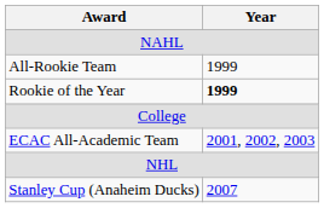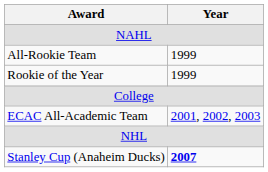 <table class="wikitable">
 <tr>
 <th>Award</th>
 <th>Year</th>
 </tr>
 <tr ALIGN="center" bgcolor="#e0e0e0">
 <td colspan="2"><a href='#'>NAHL</a></td>
 </tr>
 <tr>
 <td>All-Rookie Team</td>
 <td>1999</td>
 </tr>
 <tr>
 <td>Rookie of the Year</td>
-<td><strong>1999</strong></td>
+<td>1999</td>
 </tr>
 <tr ALIGN="center" bgcolor="#e0e0e0">
 <td colspan="2"><a href='#'>College</a></td>
 </tr>
 <tr>
 <td><a href='#'>ECAC</a> All-Academic Team</td>
 <td><a href='#'>2001</a>, <a href='#'>2002</a>, <a href='#'>2003</a></td>
 </tr>
 <tr ALIGN="center" bgcolor="#e0e0e0">
 <td colspan="2"><a href='#'>NHL</a></td>
 </tr>
 <tr>
 <td><a href='#'>Stanley Cup</a> (Anaheim Ducks)</td>
-<td><a href='#'>2007</a></td>
+<td><strong><a href='#'>2007</a></strong></td>
 </tr>
 </table>
